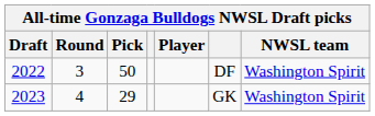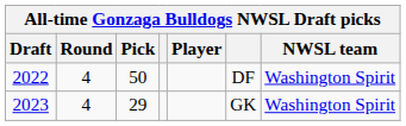 <table class="wikitable sortable" style="text-align: center;">
 <tr>
 <th colspan="7" style="background:#">All-time <a href='#'><span>Gonzaga Bulldogs</span></a> NWSL Draft picks</th>
 </tr>
 <tr>
 <th scope="col">Draft</th>
 <th scope="col">Round</th>
 <th scope="col">Pick</th>
 <th scope="col"></th>
 <th scope="col">Player</th>
 <th scope="col"></th>
 <th scope="col">NWSL team</th>
 </tr>
 <tr>
 <td><a href='#'>2022</a></td>
-<td>3</td>
+<td>4</td>
 <td>50</td>
 <td></td>
 <td></td>
 <td>DF</td>
 <td><a href='#'>Washington Spirit</a></td>
 </tr>
 <tr>
 <td><a href='#'>2023</a></td>
 <td>4</td>
 <td>29</td>
 <td></td>
 <td></td>
 <td>GK</td>
 <td><a href='#'>Washington Spirit</a></td>
 </tr>
 </table>
